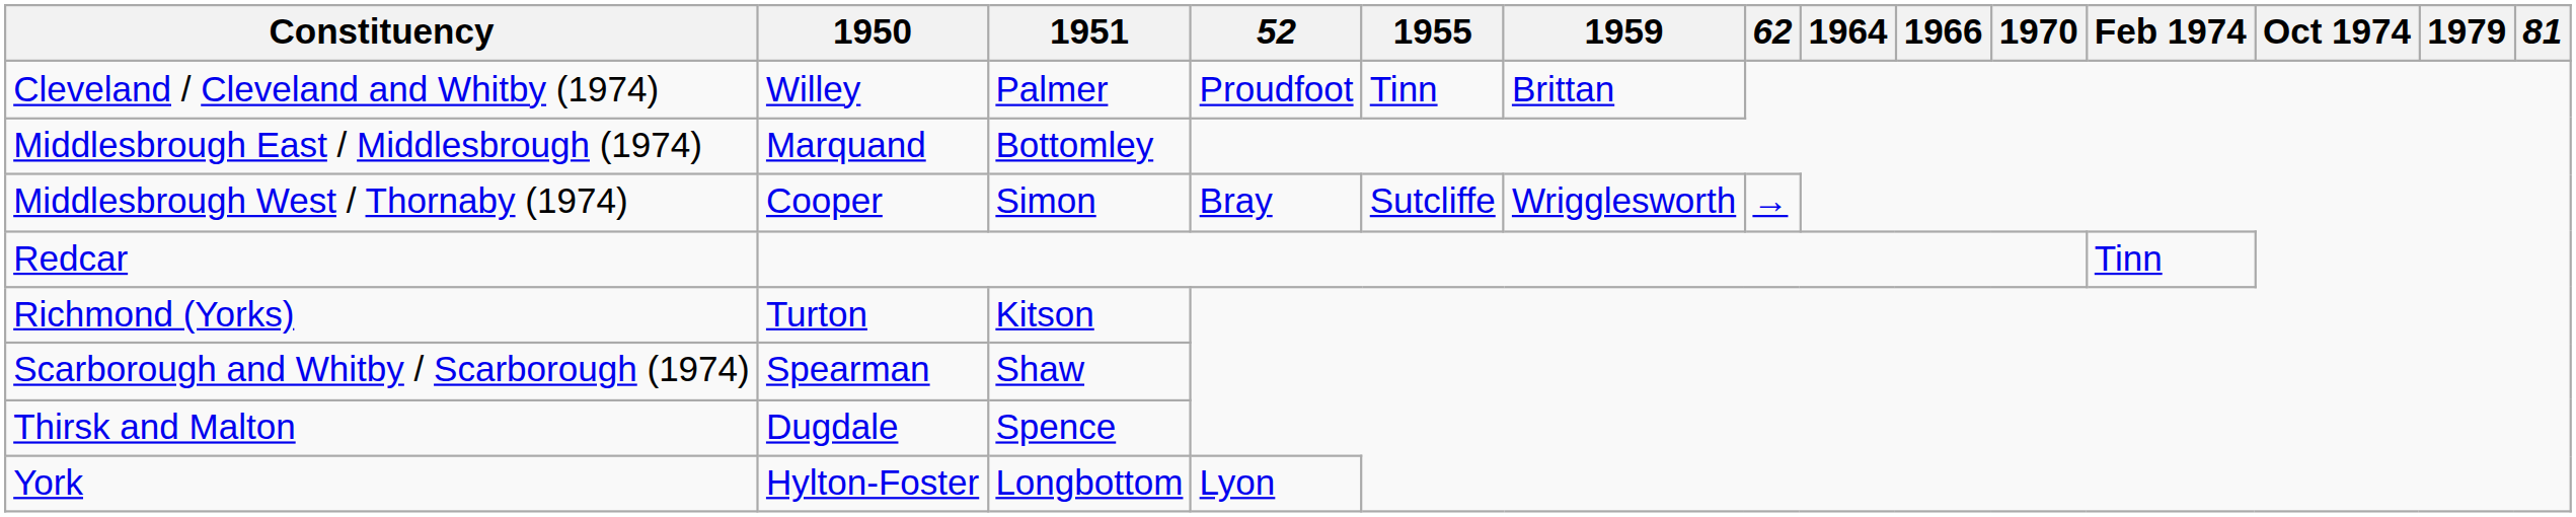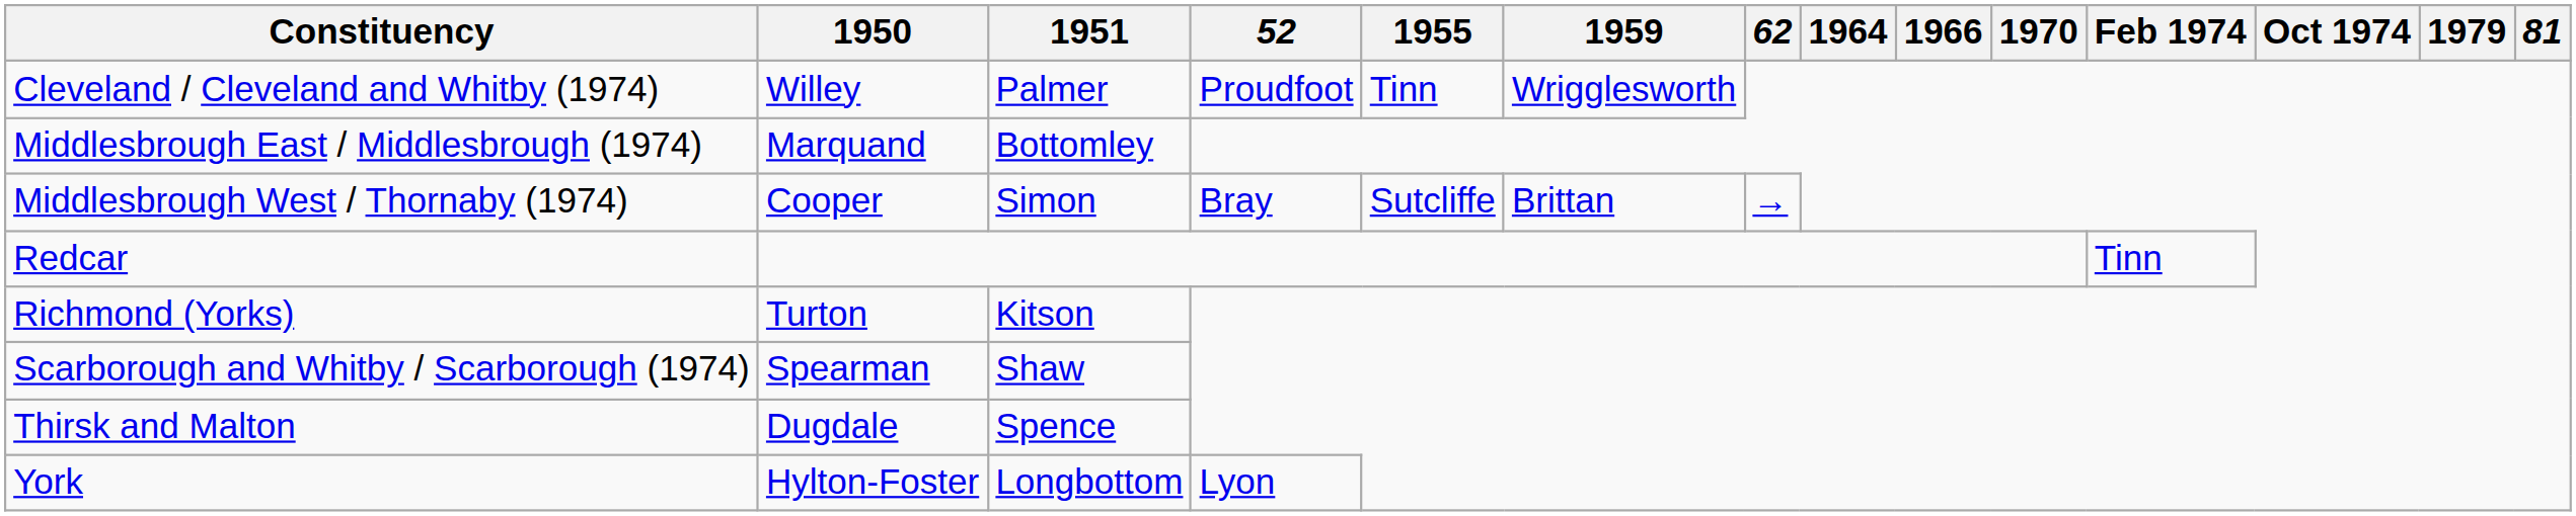 <table class="wikitable">
 <tr>
 <th>Constituency</th>
 <th>1950</th>
 <th>1951</th>
 <th><em>52</em></th>
 <th>1955</th>
 <th>1959</th>
 <th><em>62</em></th>
 <th>1964</th>
 <th>1966</th>
 <th>1970</th>
 <th>Feb 1974</th>
 <th>Oct 1974</th>
 <th>1979</th>
 <th><em>81</em></th>
 </tr>
 <tr>
 <td><a href='#'>Cleveland</a> / <a href='#'>Cleveland and Whitby</a> (1974)</td>
 <td><a href='#'>Willey</a></td>
 <td><a href='#'>Palmer</a></td>
 <td><a href='#'>Proudfoot</a></td>
 <td><a href='#'>Tinn</a></td>
-<td><a href='#'>Brittan</a></td>
+<td><a href='#'>Wrigglesworth</a></td>
 </tr>
 <tr>
 <td><a href='#'>Middlesbrough East</a> / <a href='#'>Middlesbrough</a> (1974)</td>
 <td><a href='#'>Marquand</a></td>
 <td><a href='#'>Bottomley</a></td>
 </tr>
 <tr>
 <td><a href='#'>Middlesbrough West</a> / <a href='#'>Thornaby</a> (1974)</td>
 <td><a href='#'>Cooper</a></td>
 <td><a href='#'>Simon</a></td>
 <td><a href='#'>Bray</a></td>
 <td><a href='#'>Sutcliffe</a></td>
-<td><a href='#'>Wrigglesworth</a></td>
+<td><a href='#'>Brittan</a></td>
 <td><a href='#'>→</a></td>
 </tr>
 <tr>
 <td><a href='#'>Redcar</a></td>
 <td colspan="9"></td>
 <td><a href='#'>Tinn</a></td>
 </tr>
 <tr>
 <td><a href='#'>Richmond (Yorks)</a></td>
 <td><a href='#'>Turton</a></td>
 <td><a href='#'>Kitson</a></td>
 </tr>
 <tr>
 <td><a href='#'>Scarborough and Whitby</a> / <a href='#'>Scarborough</a> (1974)</td>
 <td><a href='#'>Spearman</a></td>
 <td><a href='#'>Shaw</a></td>
 </tr>
 <tr>
 <td><a href='#'>Thirsk and Malton</a></td>
 <td><a href='#'>Dugdale</a></td>
 <td><a href='#'>Spence</a></td>
 </tr>
 <tr>
 <td><a href='#'>York</a></td>
 <td><a href='#'>Hylton-Foster</a></td>
 <td><a href='#'>Longbottom</a></td>
 <td><a href='#'>Lyon</a></td>
 </tr>
 </table>
